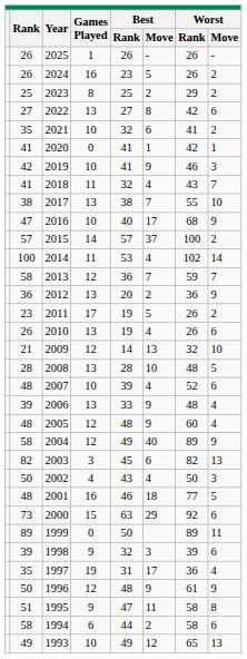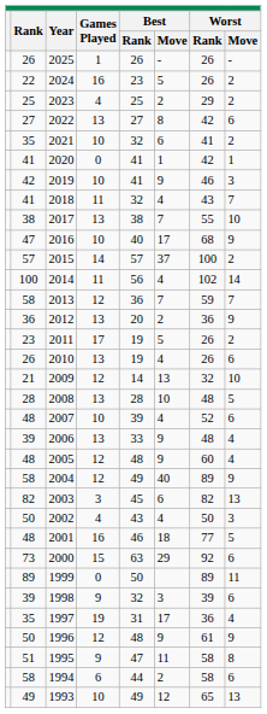 <table class="wikitable sortable" style="text-align:center;">
 <tr>
 <th colspan=9 style="background: #008751; color: #FCD116;"><a href='#'></a></th>
 </tr>
 <tr>
 <th rowspan=2></th>
 <th rowspan=2>Rank</th>
 <th rowspan=2>Year</th>
 <th rowspan=2>Games<br>Played</th>
 <th colspan=2>Best</th>
 <th colspan=2>Worst</th>
 </tr>
 <tr>
 <th>Rank</th>
 <th>Move</th>
 <th>Rank</th>
 <th>Move</th>
 </tr>
 <tr>
 <td></td>
 <td>26</td>
 <td>2025</td>
 <td>1</td>
 <td>26</td>
 <td align=left> -</td>
 <td>26</td>
 <td align=left> -</td>
 </tr>
 <tr>
 <td></td>
-<td>26</td>
+<td>22</td>
 <td>2024</td>
 <td>16</td>
 <td>23</td>
 <td align=left> 5</td>
 <td>26</td>
 <td align=left> 2</td>
 </tr>
 <tr>
 <td></td>
 <td>25</td>
 <td>2023</td>
-<td>8</td>
+<td>4</td>
 <td>25</td>
 <td align=left> 2</td>
 <td>29</td>
 <td align=left> 2</td>
 </tr>
 <tr>
 <td></td>
 <td>27</td>
 <td>2022</td>
 <td>13</td>
 <td>27</td>
 <td align=left> 8</td>
 <td>42</td>
 <td align=left> 6</td>
 </tr>
 <tr>
 <td></td>
 <td>35</td>
 <td>2021</td>
 <td>10</td>
 <td>32</td>
 <td align=left> 6</td>
 <td>41</td>
 <td align=left> 2</td>
 </tr>
 <tr>
 <td></td>
 <td>41</td>
 <td>2020</td>
 <td>0</td>
 <td>41</td>
 <td align=left> 1</td>
 <td>42</td>
 <td align=left> 1</td>
 </tr>
 <tr>
 <td></td>
 <td>42</td>
 <td>2019</td>
 <td>10</td>
 <td>41</td>
 <td align=left> 9</td>
 <td>46</td>
 <td align=left> 3</td>
 </tr>
 <tr>
 <td></td>
 <td>41</td>
 <td>2018</td>
 <td>11</td>
 <td>32</td>
 <td align=left> 4</td>
 <td>43</td>
 <td align=left> 7</td>
 </tr>
 <tr>
 <td></td>
 <td>38</td>
 <td>2017</td>
 <td>13</td>
 <td>38</td>
 <td align=left> 7</td>
 <td>55</td>
 <td align=left> 10</td>
 </tr>
 <tr>
 <td></td>
 <td>47</td>
 <td>2016</td>
 <td>10</td>
 <td>40</td>
 <td align=left> 17</td>
 <td>68</td>
 <td align=left> 9</td>
 </tr>
 <tr>
 <td></td>
 <td>57</td>
 <td>2015</td>
 <td>14</td>
 <td>57</td>
 <td align=left> 37</td>
 <td>100</td>
 <td align=left> 2</td>
 </tr>
 <tr>
 <td> </td>
 <td>100</td>
 <td>2014</td>
 <td>11</td>
-<td>53</td>
+<td>56</td>
 <td align=left> 4</td>
 <td>102</td>
 <td align=left> 14</td>
 </tr>
 <tr>
 <td></td>
 <td>58</td>
 <td>2013</td>
 <td>12</td>
 <td>36</td>
 <td align=left> 7</td>
 <td>59</td>
 <td align=left> 7</td>
 </tr>
 <tr>
 <td></td>
 <td>36</td>
 <td>2012</td>
 <td>13</td>
 <td>20</td>
 <td align=left> 2</td>
 <td>36</td>
 <td align=left> 9</td>
 </tr>
 <tr>
 <td></td>
 <td>23</td>
 <td>2011</td>
 <td>17</td>
 <td>19</td>
 <td align=left> 5</td>
 <td>26</td>
 <td align=left> 2</td>
 </tr>
 <tr>
 <td></td>
 <td>26</td>
 <td>2010</td>
 <td>13</td>
 <td>19</td>
 <td align=left> 4</td>
 <td>26</td>
 <td align=left> 6</td>
 </tr>
 <tr>
 <td></td>
 <td>21</td>
 <td>2009</td>
 <td>12</td>
 <td>14</td>
 <td align=left> 13</td>
 <td>32</td>
 <td align=left> 10</td>
 </tr>
 <tr>
 <td></td>
 <td>28</td>
 <td>2008</td>
 <td>13</td>
 <td>28</td>
 <td align=left> 10</td>
 <td>48</td>
 <td align=left> 5</td>
 </tr>
 <tr>
 <td></td>
 <td>48</td>
 <td>2007</td>
 <td>10</td>
 <td>39</td>
 <td align=left> 4</td>
 <td>52</td>
 <td align=left> 6</td>
 </tr>
 <tr>
 <td></td>
 <td>39</td>
 <td>2006</td>
 <td>13</td>
 <td>33</td>
 <td align=left> 9</td>
 <td>48</td>
 <td align=left> 4</td>
 </tr>
 <tr>
 <td></td>
 <td>48</td>
 <td>2005</td>
 <td>12</td>
 <td>48</td>
 <td align=left> 9</td>
 <td>60</td>
 <td align=left> 4</td>
 </tr>
 <tr>
 <td></td>
 <td>58</td>
 <td>2004</td>
 <td>12</td>
 <td>49</td>
 <td align=left> 40</td>
 <td>89</td>
 <td align=left> 9</td>
 </tr>
 <tr>
 <td></td>
 <td>82</td>
 <td>2003</td>
 <td>3</td>
 <td>45</td>
 <td align=left> 6</td>
 <td>82</td>
 <td align=left> 13</td>
 </tr>
 <tr>
 <td></td>
 <td>50</td>
 <td>2002</td>
 <td>4</td>
 <td>43</td>
 <td align=left> 4</td>
 <td>50</td>
 <td align=left> 3</td>
 </tr>
 <tr>
 <td></td>
 <td>48</td>
 <td>2001</td>
 <td>16</td>
 <td>46</td>
 <td align=left> 18</td>
 <td>77</td>
 <td align=left> 5</td>
 </tr>
 <tr>
 <td></td>
 <td>73</td>
 <td>2000</td>
 <td>15</td>
 <td>63</td>
 <td align=left> 29</td>
 <td>92</td>
 <td align=left> 6</td>
 </tr>
 <tr>
 <td></td>
 <td>89</td>
 <td>1999</td>
 <td>0</td>
 <td>50</td>
 <td align=left></td>
 <td>89</td>
 <td align=left> 11</td>
 </tr>
 <tr>
 <td></td>
 <td>39</td>
 <td>1998</td>
 <td>9</td>
 <td>32</td>
 <td align=left> 3</td>
 <td>39</td>
 <td align=left> 6</td>
 </tr>
 <tr>
 <td></td>
 <td>35</td>
 <td>1997</td>
 <td>19</td>
 <td>31</td>
 <td align=left> 17</td>
 <td>36</td>
 <td align=left> 4</td>
 </tr>
 <tr>
 <td></td>
 <td>50</td>
 <td>1996</td>
 <td>12</td>
 <td>48</td>
 <td align=left> 9</td>
 <td>61</td>
 <td align=left> 9</td>
 </tr>
 <tr>
 <td></td>
 <td>51</td>
 <td>1995</td>
 <td>9</td>
 <td>47</td>
 <td align=left> 11</td>
 <td>58</td>
 <td align=left> 8</td>
 </tr>
 <tr>
 <td></td>
 <td>58</td>
 <td>1994</td>
 <td>6</td>
 <td>44</td>
 <td align=left> 2</td>
 <td>58</td>
 <td align=left> 6</td>
 </tr>
 <tr>
 <td></td>
 <td>49</td>
 <td>1993</td>
 <td>10</td>
 <td>49</td>
 <td align=left> 12</td>
 <td>65</td>
 <td align=left> 13</td>
 </tr>
 </table>
